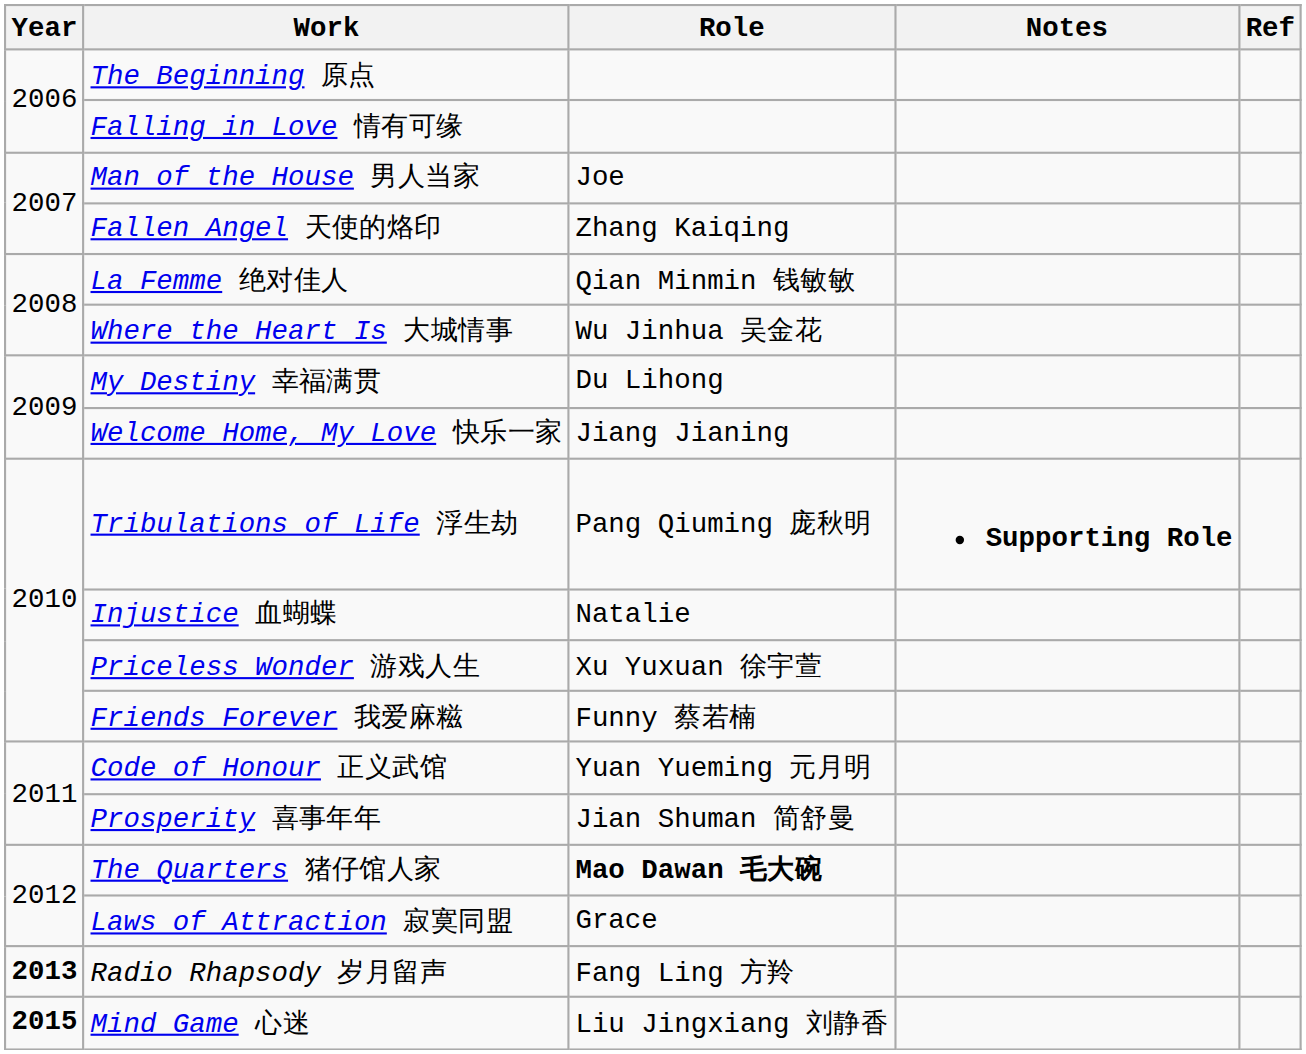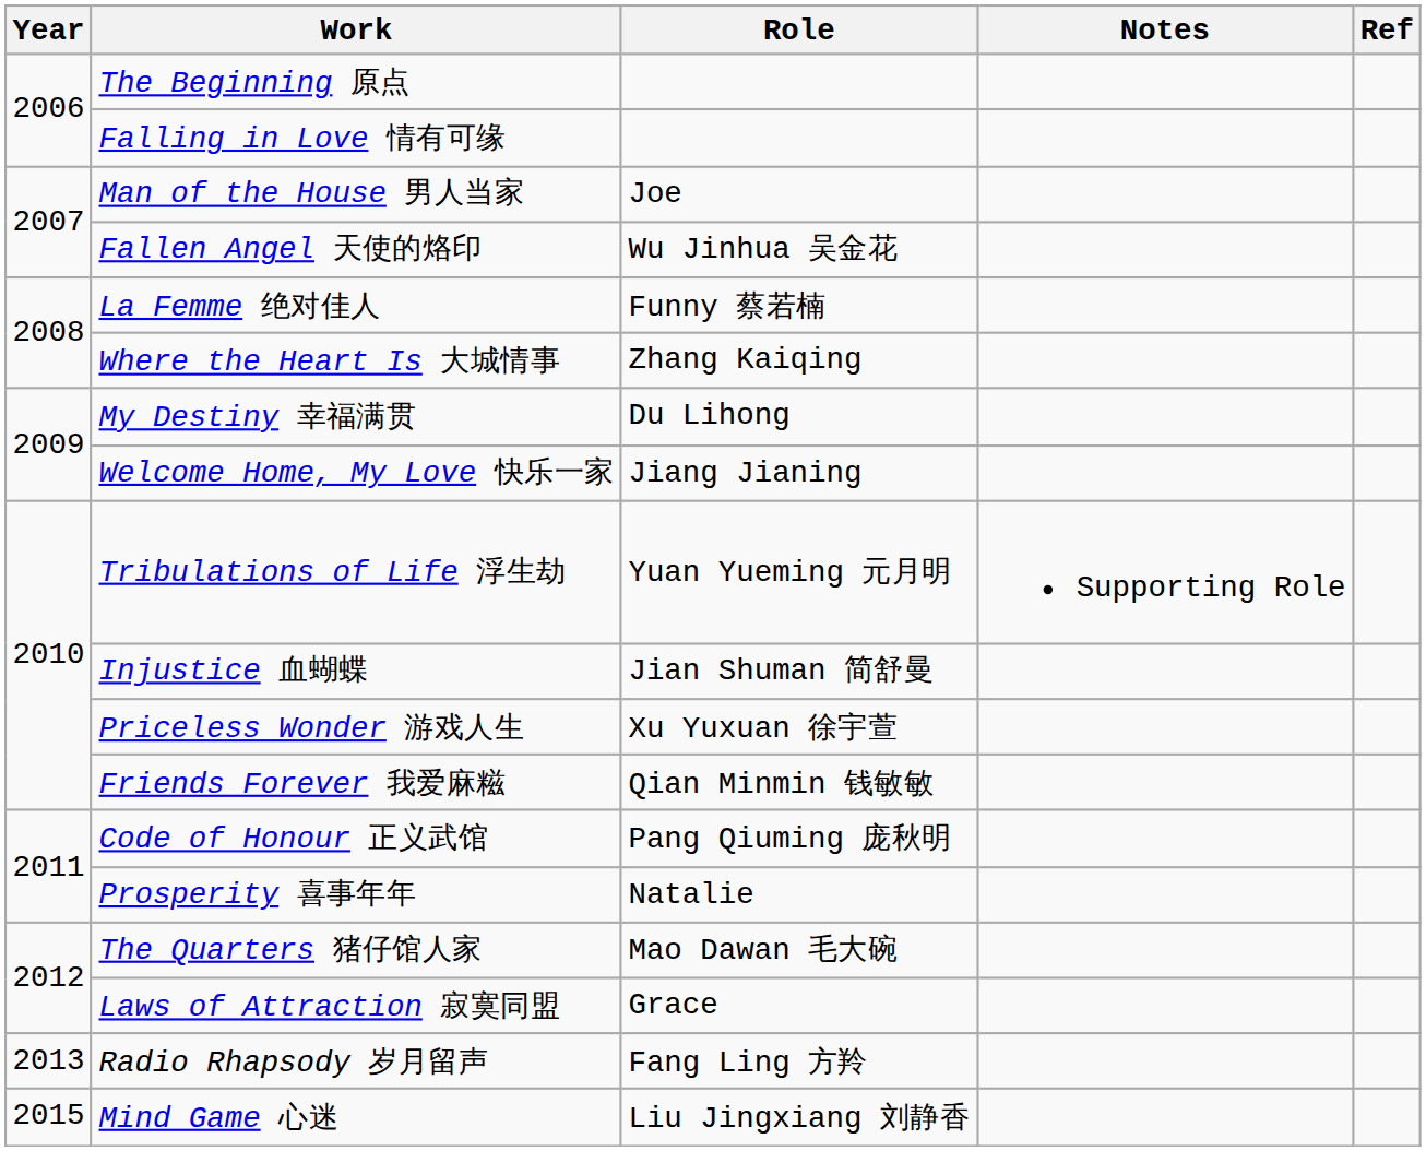 <table class="wikitable">
 <tr>
 <th>Year</th>
 <th>Work</th>
 <th>Role</th>
 <th>Notes</th>
 <th>Ref</th>
 </tr>
 <tr>
 <td rowspan="2">2006</td>
 <td><em><a href='#'>The Beginning</a></em> 原点</td>
 <td></td>
 <td></td>
 <td></td>
 </tr>
 <tr>
 <td><em><a href='#'>Falling in Love</a></em> 情有可缘</td>
 <td></td>
 <td></td>
 <td></td>
 </tr>
 <tr>
 <td rowspan="2">2007</td>
 <td><em><a href='#'>Man of the House</a></em> 男人当家</td>
 <td>Joe</td>
 <td></td>
 <td></td>
 </tr>
 <tr>
 <td><em><a href='#'>Fallen Angel</a></em> 天使的烙印</td>
-<td>Zhang Kaiqing</td>
+<td>Wu Jinhua 吴金花</td>
 <td></td>
 <td></td>
 </tr>
 <tr>
 <td rowspan="2">2008</td>
 <td><em><a href='#'>La Femme</a></em> 绝对佳人</td>
-<td>Qian Minmin 钱敏敏</td>
+<td>Funny 蔡若楠</td>
 <td></td>
 <td></td>
 </tr>
 <tr>
 <td><em><a href='#'>Where the Heart Is</a></em> 大城情事</td>
-<td>Wu Jinhua 吴金花</td>
+<td>Zhang Kaiqing</td>
 <td></td>
 <td></td>
 </tr>
 <tr>
 <td rowspan="2">2009</td>
 <td><em><a href='#'>My Destiny</a></em> 幸福满贯</td>
 <td>Du Lihong</td>
 <td></td>
 <td></td>
 </tr>
 <tr>
 <td><em><a href='#'>Welcome Home, My Love</a></em> 快乐一家</td>
 <td>Jiang Jianing</td>
 <td></td>
 <td></td>
 </tr>
 <tr>
 <td rowspan="4">2010</td>
 <td><em><a href='#'>Tribulations of Life</a></em> 浮生劫</td>
-<td>Pang Qiuming 庞秋明</td>
-<td><strong><br><ul><li>Supporting Role</li></ul></strong></td>
+<td>Yuan Yueming 元月明</td>
+<td><br><ul><li>Supporting Role</li></ul></td>
 <td></td>
 </tr>
 <tr>
 <td><em><a href='#'>Injustice</a></em> 血蝴蝶</td>
-<td>Natalie</td>
+<td>Jian Shuman 简舒曼</td>
 <td></td>
 <td></td>
 </tr>
 <tr>
 <td><em><a href='#'>Priceless Wonder</a></em> 游戏人生</td>
 <td>Xu Yuxuan 徐宇萱</td>
 <td></td>
 <td></td>
 </tr>
 <tr>
 <td><em><a href='#'>Friends Forever</a></em> 我爱麻糍</td>
-<td>Funny 蔡若楠</td>
+<td>Qian Minmin 钱敏敏</td>
 <td></td>
 <td></td>
 </tr>
 <tr>
 <td rowspan="2">2011</td>
 <td><em><a href='#'>Code of Honour</a></em> 正义武馆</td>
-<td>Yuan Yueming 元月明</td>
+<td>Pang Qiuming 庞秋明</td>
 <td></td>
 <td></td>
 </tr>
 <tr>
 <td><em><a href='#'>Prosperity</a></em> 喜事年年</td>
-<td>Jian Shuman 简舒曼</td>
+<td>Natalie</td>
 <td></td>
 <td></td>
 </tr>
 <tr>
 <td rowspan="2">2012</td>
 <td><em><a href='#'>The Quarters</a></em> 猪仔馆人家</td>
-<td><strong>Mao Dawan 毛大碗</strong></td>
+<td>Mao Dawan 毛大碗</td>
 <td></td>
 <td></td>
 </tr>
 <tr>
 <td><em><a href='#'>Laws of Attraction</a></em> 寂寞同盟</td>
 <td>Grace</td>
 <td></td>
 <td></td>
 </tr>
 <tr>
-<td><strong>2013</strong></td>
+<td>2013</td>
 <td><em>Radio Rhapsody</em> 岁月留声</td>
 <td>Fang Ling 方羚</td>
 <td></td>
 <td></td>
 </tr>
 <tr>
-<td><strong>2015</strong></td>
+<td>2015</td>
 <td><em><a href='#'>Mind Game</a></em> 心迷</td>
 <td>Liu Jingxiang 刘静香</td>
 <td></td>
 <td></td>
 </tr>
 </table>
